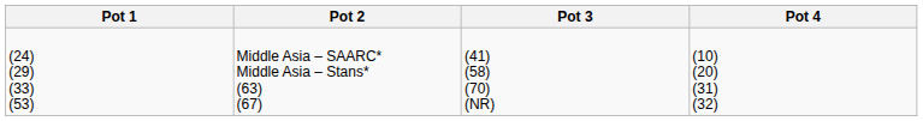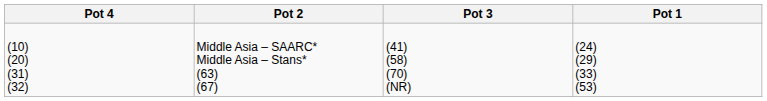 <table class="wikitable" width=80%>
 <tr>
-<th width=25%>Pot 1</th>
+<th width=25%>Pot 4</th>
 <th width=25%>Pot 2</th>
 <th width=25%>Pot 3</th>
-<th width=25%>Pot 4</th>
+<th width=25%>Pot 1</th>
 </tr>
 <tr>
-<td><br> (24)<br>  (29)<br>  (33)<br>  (53)</td>
+<td><br> (10)<br>  (20)<br>  (31)<br>  (32)</td>
 <td><br>Middle Asia – SAARC*<br> Middle Asia – Stans*<br>  (63)<br>  (67)</td>
 <td><br> (41)<br>  (58)<br>  (70)<br>  (NR)</td>
-<td><br> (10)<br>  (20)<br>  (31)<br>  (32)</td>
+<td><br> (24)<br>  (29)<br>  (33)<br>  (53)</td>
 </tr>
 </table>
